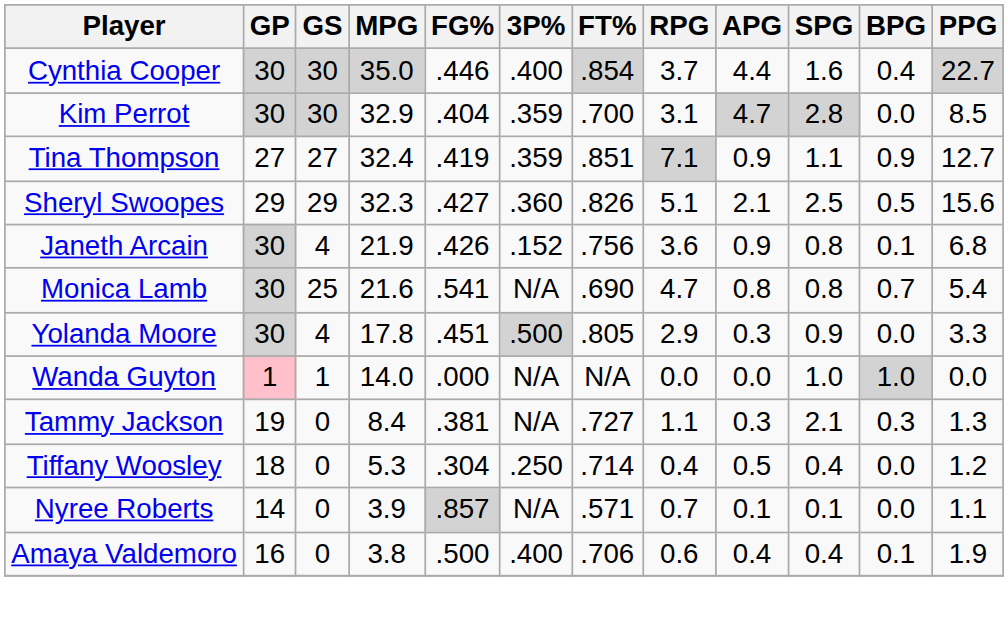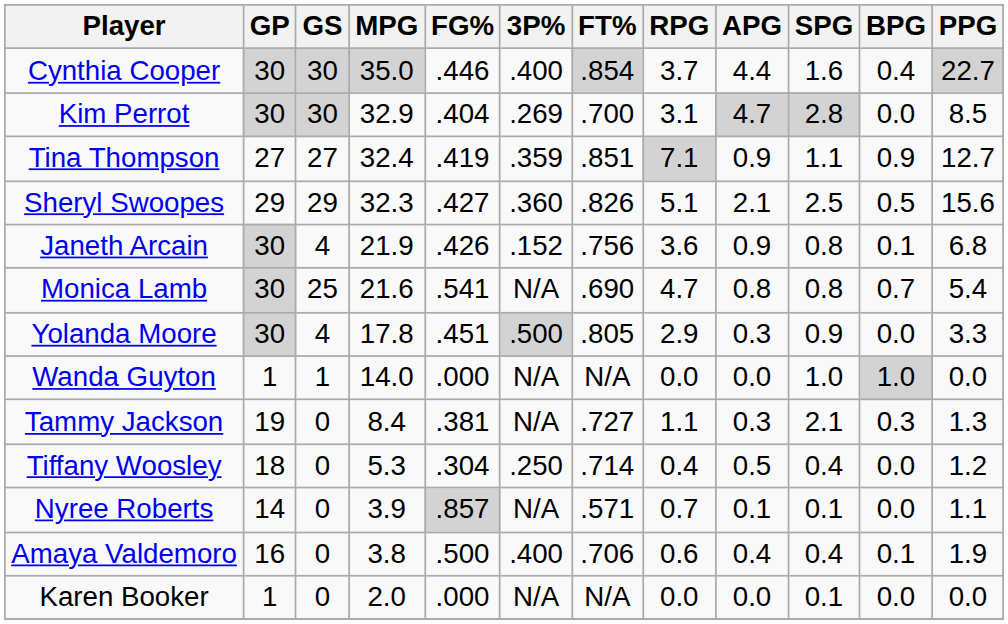 <table class="wikitable sortable" style="text-align:center;">
 <tr>
 <th>Player</th>
 <th>GP</th>
 <th>GS</th>
 <th>MPG</th>
 <th>FG%</th>
 <th>3P%</th>
 <th>FT%</th>
 <th>RPG</th>
 <th>APG</th>
 <th>SPG</th>
 <th>BPG</th>
 <th>PPG</th>
 </tr>
 <tr>
 <td><a href='#'>Cynthia Cooper</a></td>
 <td style="background:#D3D3D3;">30</td>
 <td style="background:#D3D3D3;">30</td>
 <td style="background:#D3D3D3;">35.0</td>
 <td>.446</td>
 <td>.400</td>
 <td style="background:#D3D3D3;">.854</td>
 <td>3.7</td>
 <td>4.4</td>
 <td>1.6</td>
 <td>0.4</td>
 <td style="background:#D3D3D3;">22.7</td>
 </tr>
 <tr>
 <td><a href='#'>Kim Perrot</a></td>
 <td style="background:#D3D3D3;">30</td>
 <td style="background:#D3D3D3;">30</td>
 <td>32.9</td>
 <td>.404</td>
-<td>.359</td>
+<td>.269</td>
 <td>.700</td>
 <td>3.1</td>
 <td style="background:#D3D3D3;">4.7</td>
 <td style="background:#D3D3D3;">2.8</td>
 <td>0.0</td>
 <td>8.5</td>
 </tr>
 <tr>
 <td><a href='#'>Tina Thompson</a></td>
 <td>27</td>
 <td>27</td>
 <td>32.4</td>
 <td>.419</td>
 <td>.359</td>
 <td>.851</td>
 <td style="background:#D3D3D3;">7.1</td>
 <td>0.9</td>
 <td>1.1</td>
 <td>0.9</td>
 <td>12.7</td>
 </tr>
 <tr>
 <td><a href='#'>Sheryl Swoopes</a></td>
 <td>29</td>
 <td>29</td>
 <td>32.3</td>
 <td>.427</td>
 <td>.360</td>
 <td>.826</td>
 <td>5.1</td>
 <td>2.1</td>
 <td>2.5</td>
 <td>0.5</td>
 <td>15.6</td>
 </tr>
 <tr>
 <td><a href='#'>Janeth Arcain</a></td>
 <td style="background:#D3D3D3;">30</td>
 <td>4</td>
 <td>21.9</td>
 <td>.426</td>
 <td>.152</td>
 <td>.756</td>
 <td>3.6</td>
 <td>0.9</td>
 <td>0.8</td>
 <td>0.1</td>
 <td>6.8</td>
 </tr>
 <tr>
 <td><a href='#'>Monica Lamb</a></td>
 <td style="background:#D3D3D3;">30</td>
 <td>25</td>
 <td>21.6</td>
 <td>.541</td>
 <td>N/A</td>
 <td>.690</td>
 <td>4.7</td>
 <td>0.8</td>
 <td>0.8</td>
 <td>0.7</td>
 <td>5.4</td>
 </tr>
 <tr>
 <td><a href='#'>Yolanda Moore</a></td>
 <td style="background:#D3D3D3;">30</td>
 <td>4</td>
 <td>17.8</td>
 <td>.451</td>
 <td style="background:#D3D3D3;">.500</td>
 <td>.805</td>
 <td>2.9</td>
 <td>0.3</td>
 <td>0.9</td>
 <td>0.0</td>
 <td>3.3</td>
 </tr>
 <tr>
 <td><a href='#'>Wanda Guyton</a></td>
-<td style="background: pink;">1</td>
+<td>1</td>
 <td>1</td>
 <td>14.0</td>
 <td>.000</td>
 <td>N/A</td>
 <td>N/A</td>
 <td>0.0</td>
 <td>0.0</td>
 <td>1.0</td>
 <td style="background:#D3D3D3;">1.0</td>
 <td>0.0</td>
 </tr>
 <tr>
 <td><a href='#'>Tammy Jackson</a></td>
 <td>19</td>
 <td>0</td>
 <td>8.4</td>
 <td>.381</td>
 <td>N/A</td>
 <td>.727</td>
 <td>1.1</td>
 <td>0.3</td>
 <td>2.1</td>
 <td>0.3</td>
 <td>1.3</td>
 </tr>
 <tr>
 <td><a href='#'>Tiffany Woosley</a></td>
 <td>18</td>
 <td>0</td>
 <td>5.3</td>
 <td>.304</td>
 <td>.250</td>
 <td>.714</td>
 <td>0.4</td>
 <td>0.5</td>
 <td>0.4</td>
 <td>0.0</td>
 <td>1.2</td>
 </tr>
 <tr>
 <td><a href='#'>Nyree Roberts</a></td>
 <td>14</td>
 <td>0</td>
 <td>3.9</td>
 <td style="background:#D3D3D3;">.857</td>
 <td>N/A</td>
 <td>.571</td>
 <td>0.7</td>
 <td>0.1</td>
 <td>0.1</td>
 <td>0.0</td>
 <td>1.1</td>
 </tr>
 <tr>
 <td><a href='#'>Amaya Valdemoro</a></td>
 <td>16</td>
 <td>0</td>
 <td>3.8</td>
 <td>.500</td>
 <td>.400</td>
 <td>.706</td>
 <td>0.6</td>
 <td>0.4</td>
 <td>0.4</td>
 <td>0.1</td>
 <td>1.9</td>
 </tr>
 <tr>
+<td>Karen Booker</td>
+<td>1</td>
+<td>0</td>
+<td>2.0</td>
+<td>.000</td>
+<td>N/A</td>
+<td>N/A</td>
+<td>0.0</td>
+<td>0.0</td>
+<td>0.1</td>
+<td>0.0</td>
+<td>0.0</td>
+</tr>
+<tr>
 </tr>
 </table>
